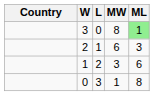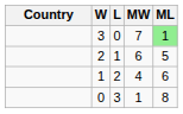 <table class="wikitable sortable" style="text-align:center">
 <tr>
 <th width=100>Country</th>
 <th>W</th>
 <th>L</th>
 <th>MW</th>
 <th>ML</th>
 </tr>
 <tr>
 <td align=left><strong></strong></td>
 <td>3</td>
 <td>0</td>
-<td>8</td>
+<td>7</td>
 <td style="background: lightgreen;">1</td>
 </tr>
 <tr>
 <td align=left></td>
 <td>2</td>
 <td>1</td>
 <td>6</td>
-<td>3</td>
+<td>5</td>
 </tr>
 <tr>
 <td align=left></td>
 <td>1</td>
 <td>2</td>
-<td>3</td>
+<td>4</td>
 <td>6</td>
 </tr>
 <tr>
 <td align=left></td>
 <td>0</td>
 <td>3</td>
 <td>1</td>
 <td>8</td>
 </tr>
 </table>
